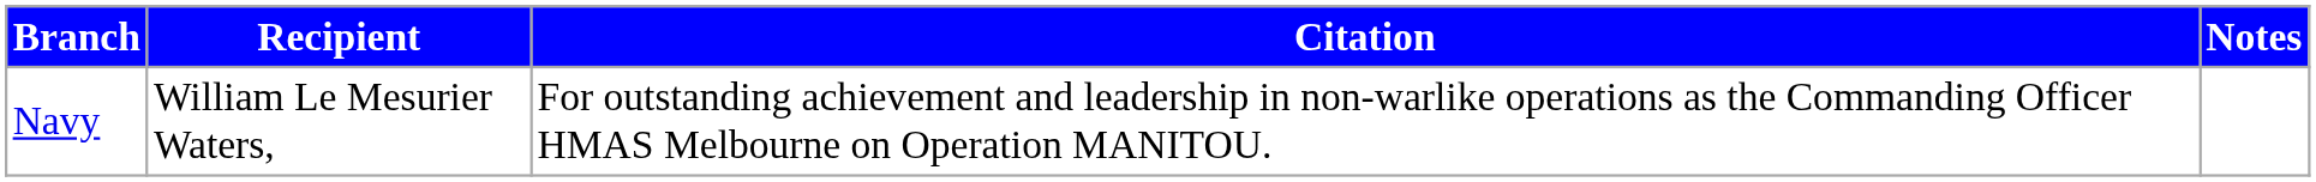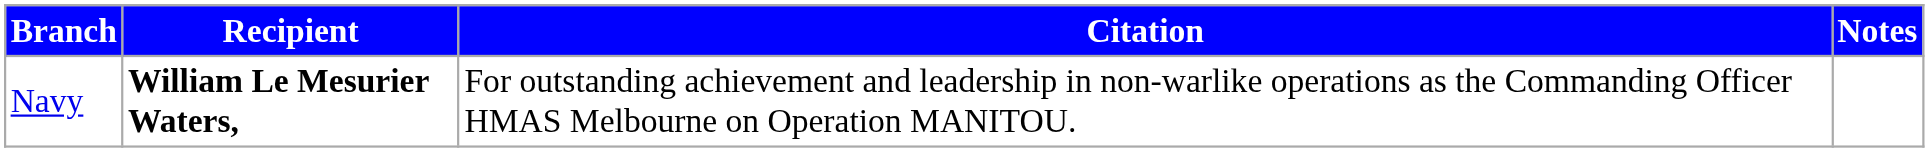 <table border="2" cellpadding="2" cellspacing="0" style="margin: 1em 1em 1em 0; border: 1px #aaa solid; font-size:95%; border-collapse: collapse;">
 <tr style="background: blue; color: white">
 <th>Branch</th>
 <th>Recipient</th>
 <th>Citation</th>
 <th>Notes</th>
 </tr>
 <tr>
 <td><a href='#'>Navy</a></td>
-<td> William Le Mesurier Waters, </td>
+<td><strong> William Le Mesurier Waters, </strong></td>
 <td>For outstanding achievement and leadership in non-warlike operations as the Commanding Officer HMAS Melbourne on Operation MANITOU.</td>
 <td rowspan=3></td>
 </tr>
 </table>
